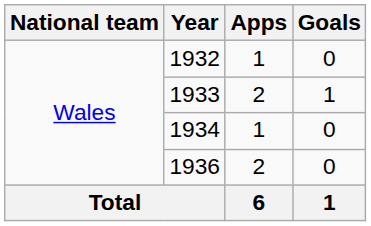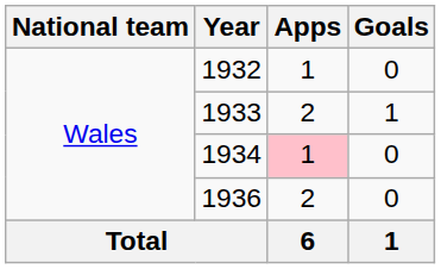 <table class="wikitable" style="text-align: center;">
 <tr>
 <th>National team</th>
 <th>Year</th>
 <th>Apps</th>
 <th>Goals</th>
 </tr>
 <tr>
 <td rowspan="4"><a href='#'>Wales</a></td>
 <td>1932</td>
 <td>1</td>
 <td>0</td>
 </tr>
 <tr>
 <td>1933</td>
 <td>2</td>
 <td>1</td>
 </tr>
 <tr>
 <td>1934</td>
-<td>1</td>
+<td style="background: pink;">1</td>
 <td>0</td>
 </tr>
 <tr>
 <td>1936</td>
 <td>2</td>
 <td>0</td>
 </tr>
 <tr>
 <th colspan="2">Total</th>
 <th>6</th>
 <th>1</th>
 </tr>
 </table>
